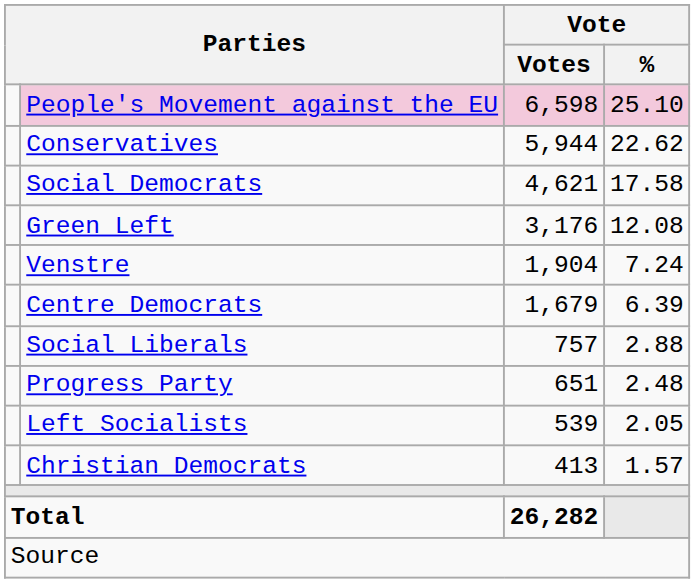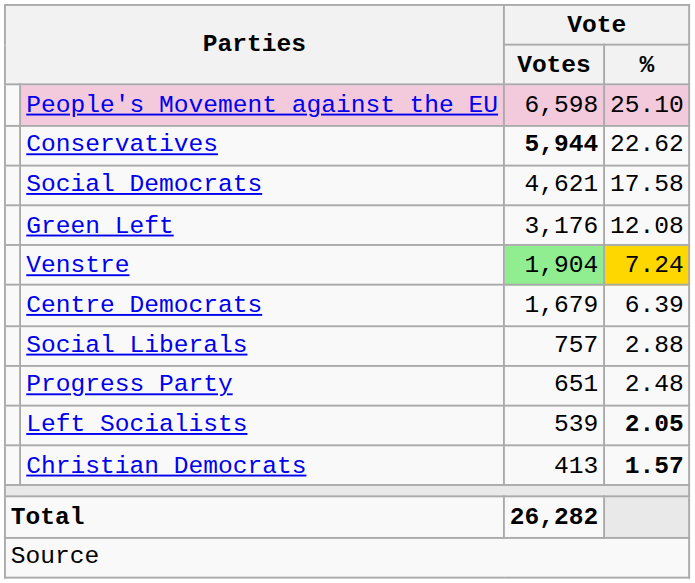 <table class="wikitable" style="text-align:right;">
 <tr>
 <th style="text-align:centre;" rowspan="2" colspan="2" width="225">Parties</th>
 <th colspan="3">Vote</th>
 </tr>
 <tr>
 <th width="15">Votes</th>
 <th width="15">%</th>
 </tr>
 <tr>
 <td width="2" style="color:inherit;background:"></td>
 <td bgcolor=#f3c9dc   align="left"><a href='#'>People's Movement against the EU</a></td>
 <td bgcolor=#f3c9dc>6,598</td>
 <td bgcolor=#f3c9dc>25.10</td>
 </tr>
 <tr>
 <td width="2" style="color:inherit;background:"></td>
 <td align="left"><a href='#'>Conservatives</a></td>
-<td>5,944</td>
+<td><strong>5,944</strong></td>
 <td>22.62</td>
 </tr>
 <tr>
 <td width="2" style="color:inherit;background:"></td>
 <td align="left"><a href='#'>Social Democrats</a></td>
 <td>4,621</td>
 <td>17.58</td>
 </tr>
 <tr>
 <td width="2" style="color:inherit;background:"></td>
 <td align="left"><a href='#'>Green Left</a></td>
 <td>3,176</td>
 <td>12.08</td>
 </tr>
 <tr>
 <td width="2" style="color:inherit;background:"></td>
 <td align="left"><a href='#'>Venstre</a></td>
-<td>1,904</td>
-<td>7.24</td>
+<td style="background: lightgreen;">1,904</td>
+<td style="background: gold;">7.24</td>
 </tr>
 <tr>
 <td width="2" style="color:inherit;background:"></td>
 <td align="left"><a href='#'>Centre Democrats</a></td>
 <td>1,679</td>
 <td>6.39</td>
 </tr>
 <tr>
 <td width="2" style="color:inherit;background:"></td>
 <td align="left"><a href='#'>Social Liberals</a></td>
 <td>757</td>
 <td>2.88</td>
 </tr>
 <tr>
 <td width="2" style="color:inherit;background:"></td>
 <td align="left"><a href='#'>Progress Party</a></td>
 <td>651</td>
 <td>2.48</td>
 </tr>
 <tr>
 <td width="2" style="color:inherit;background:"></td>
 <td align="left"><a href='#'>Left Socialists</a></td>
 <td>539</td>
-<td>2.05</td>
+<td><strong>2.05</strong></td>
 </tr>
 <tr>
 <td width="2" style="color:inherit;background:"></td>
 <td align="left"><a href='#'>Christian Democrats</a></td>
 <td>413</td>
-<td>1.57</td>
+<td><strong>1.57</strong></td>
 </tr>
 <tr>
 <td colspan="7" bgcolor="#E9E9E9"></td>
 </tr>
 <tr>
 <td align="left" colspan="2"><strong>Total</strong></td>
 <td><strong>26,282</strong></td>
 <td bgcolor="#E9E9E9" colspan="2"></td>
 </tr>
 <tr>
 <td align="left" colspan="6">Source</td>
 </tr>
 </table>
